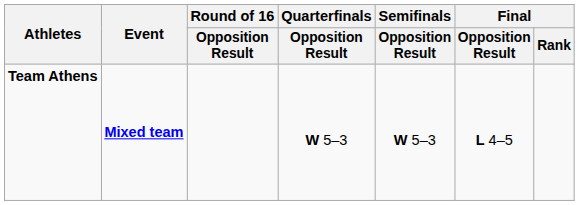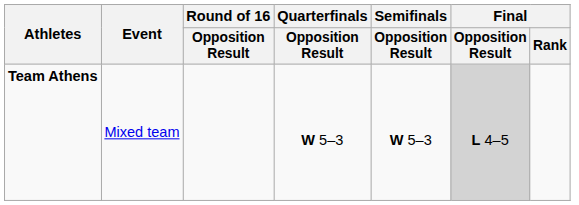 <table class="wikitable" style="font-size:90%">
 <tr>
 <th rowspan=2>Athletes</th>
 <th rowspan=2>Event</th>
 <th>Round of 16</th>
 <th>Quarterfinals</th>
 <th>Semifinals</th>
 <th colspan=2>Final</th>
 </tr>
 <tr style="font-size:95%">
 <th>Opposition<br>Result</th>
 <th>Opposition<br>Result</th>
 <th>Opposition<br>Result</th>
 <th>Opposition<br>Result</th>
 <th>Rank</th>
 </tr>
 <tr align=center>
 <td align=left><strong>Team Athens</strong> <br><br> <br><br><br><br><br><br></td>
-<td align=left><strong><a href='#'>Mixed team</a></strong></td>
+<td align=left><a href='#'>Mixed team</a></td>
 <td></td>
 <td><br><strong>W</strong> 5–3</td>
 <td><br><strong>W</strong> 5–3</td>
-<td><br><strong>L</strong> 4–5</td>
+<td style="background: lightgrey;"><br><strong>L</strong> 4–5</td>
 <td></td>
 </tr>
 </table>
